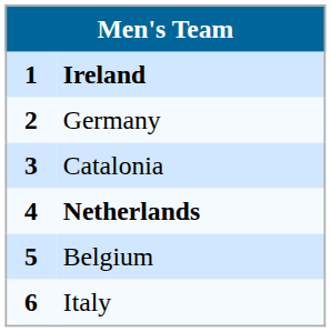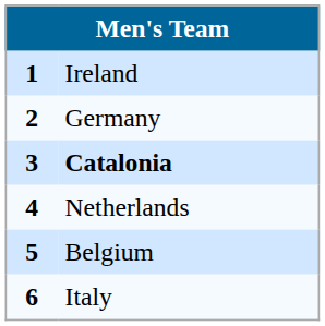 <table align=center cellpadding="4" cellspacing="0" style="background: #f9f9f9; border: 1px #aaa solid; border-collapse: collapse; font-size: 90%;" width=20%>
 <tr align=center bgcolor=#006699 style="color:white;">
 <th width=100% colspan=2>Men's Team</th>
 </tr>
 <tr align=center bgcolor=#D0E7FF>
 <td><strong>1</strong></td>
-<td align=left><strong> Ireland</strong></td>
+<td align=left> Ireland</td>
 </tr>
 <tr align=center bgcolor=#F5FAFF>
 <td><strong>2</strong></td>
 <td align=left> Germany</td>
 </tr>
 <tr align=center bgcolor=#D0E7FF>
 <td><strong>3</strong></td>
-<td align=left> Catalonia</td>
+<td align=left><strong> Catalonia</strong></td>
 </tr>
 <tr align=center bgcolor=#F5FAFF>
 <td><strong>4</strong></td>
-<td align=left><strong> Netherlands</strong></td>
+<td align=left> Netherlands</td>
 </tr>
 <tr align=center bgcolor=#D0E7FF>
 <td><strong>5</strong></td>
 <td align=left> Belgium</td>
 </tr>
 <tr align=center bgcolor=#F5FAFF>
 <td><strong>6</strong></td>
 <td align=left> Italy</td>
 </tr>
 </table>
